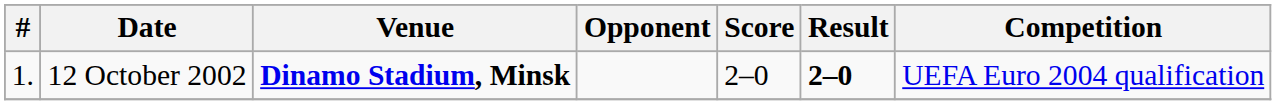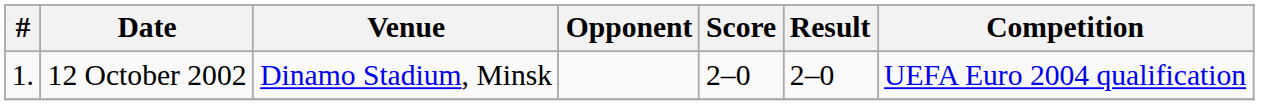 <table class="wikitable">
 <tr>
 <th>#</th>
 <th>Date</th>
 <th>Venue</th>
 <th>Opponent</th>
 <th>Score</th>
 <th>Result</th>
 <th>Competition</th>
 </tr>
 <tr>
 <td>1.</td>
 <td>12 October 2002</td>
-<td><strong><a href='#'>Dinamo Stadium</a>, Minsk</strong></td>
+<td><a href='#'>Dinamo Stadium</a>, Minsk</td>
 <td></td>
 <td>2–0</td>
-<td><strong>2–0</strong></td>
+<td>2–0</td>
 <td><a href='#'>UEFA Euro 2004 qualification</a></td>
 </tr>
 <tr>
 </tr>
 </table>
